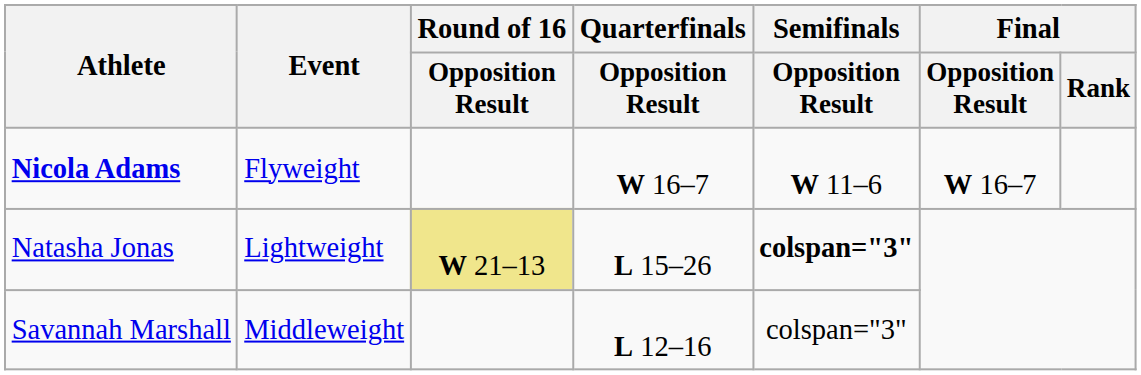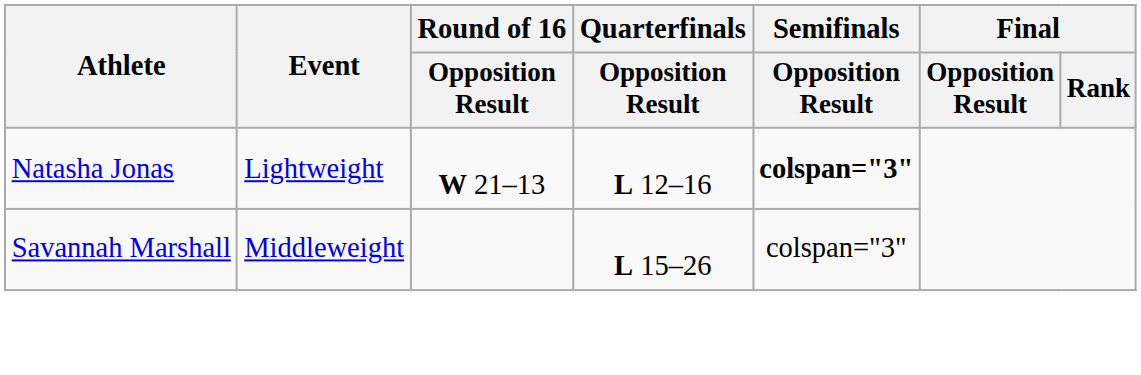 <table class="wikitable" style="text-align:center; font-size:90%;">
 <tr>
 <th rowspan=2>Athlete</th>
 <th rowspan=2>Event</th>
 <th>Round of 16</th>
 <th>Quarterfinals</th>
 <th>Semifinals</th>
 <th colspan=2>Final</th>
 </tr>
 <tr style="font-size:95%;">
 <th>Opposition<br>Result</th>
 <th>Opposition<br>Result</th>
 <th>Opposition<br>Result</th>
 <th>Opposition<br>Result</th>
 <th>Rank</th>
 </tr>
 <tr>
-<td style="text-align:left;"><strong><a href='#'>Nicola Adams</a></strong></td>
-<td style="text-align:left;"><a href='#'>Flyweight</a></td>
-<td></td>
-<td><br><strong>W</strong> 16–7</td>
-<td><br><strong>W</strong> 11–6</td>
-<td><br><strong>W</strong> 16–7</td>
-<td></td>
-</tr>
-<tr>
 <td style="text-align:left;"><a href='#'>Natasha Jonas</a></td>
 <td style="text-align:left;"><a href='#'>Lightweight</a></td>
-<td style="background: khaki;"><br><strong>W</strong> 21–13</td>
-<td><br><strong>L</strong> 15–26</td>
+<td><br><strong>W</strong> 21–13</td>
+<td><br><strong>L</strong> 12–16</td>
 <td><strong>colspan="3" </strong></td>
 </tr>
 <tr>
 <td style="text-align:left;"><a href='#'>Savannah Marshall</a></td>
 <td style="text-align:left;"><a href='#'>Middleweight</a></td>
 <td></td>
-<td><br><strong>L</strong> 12–16</td>
+<td><br><strong>L</strong> 15–26</td>
 <td>colspan="3" </td>
 </tr>
 </table>
